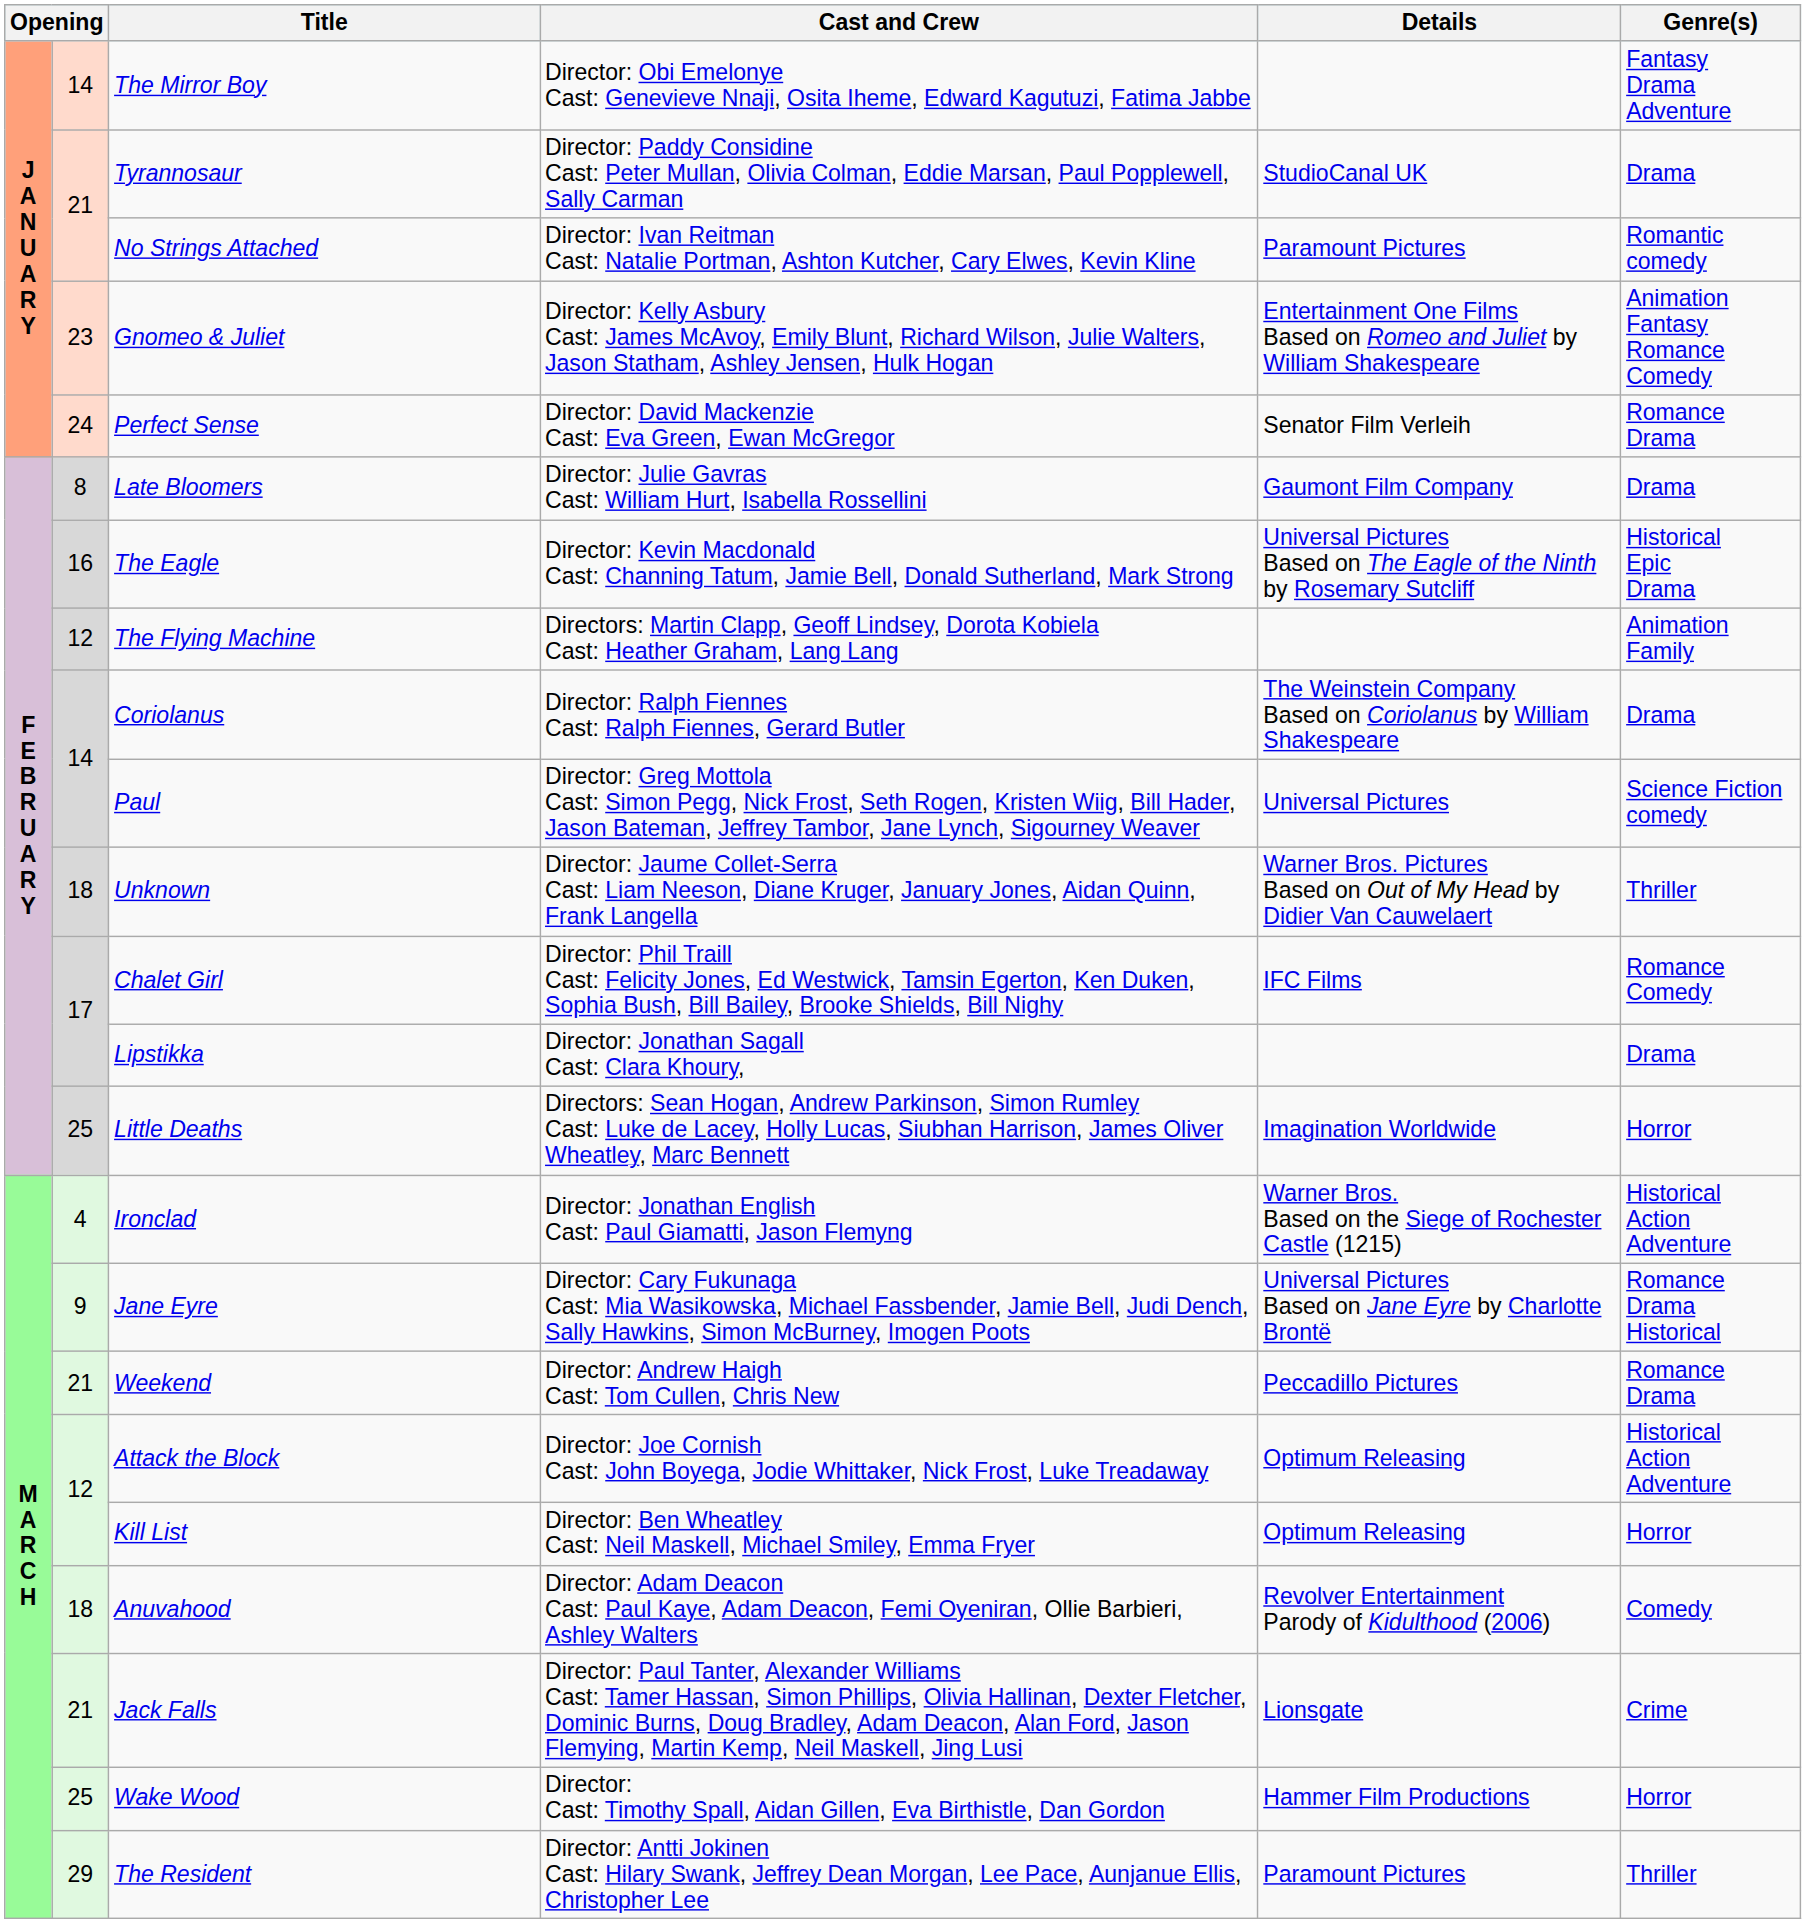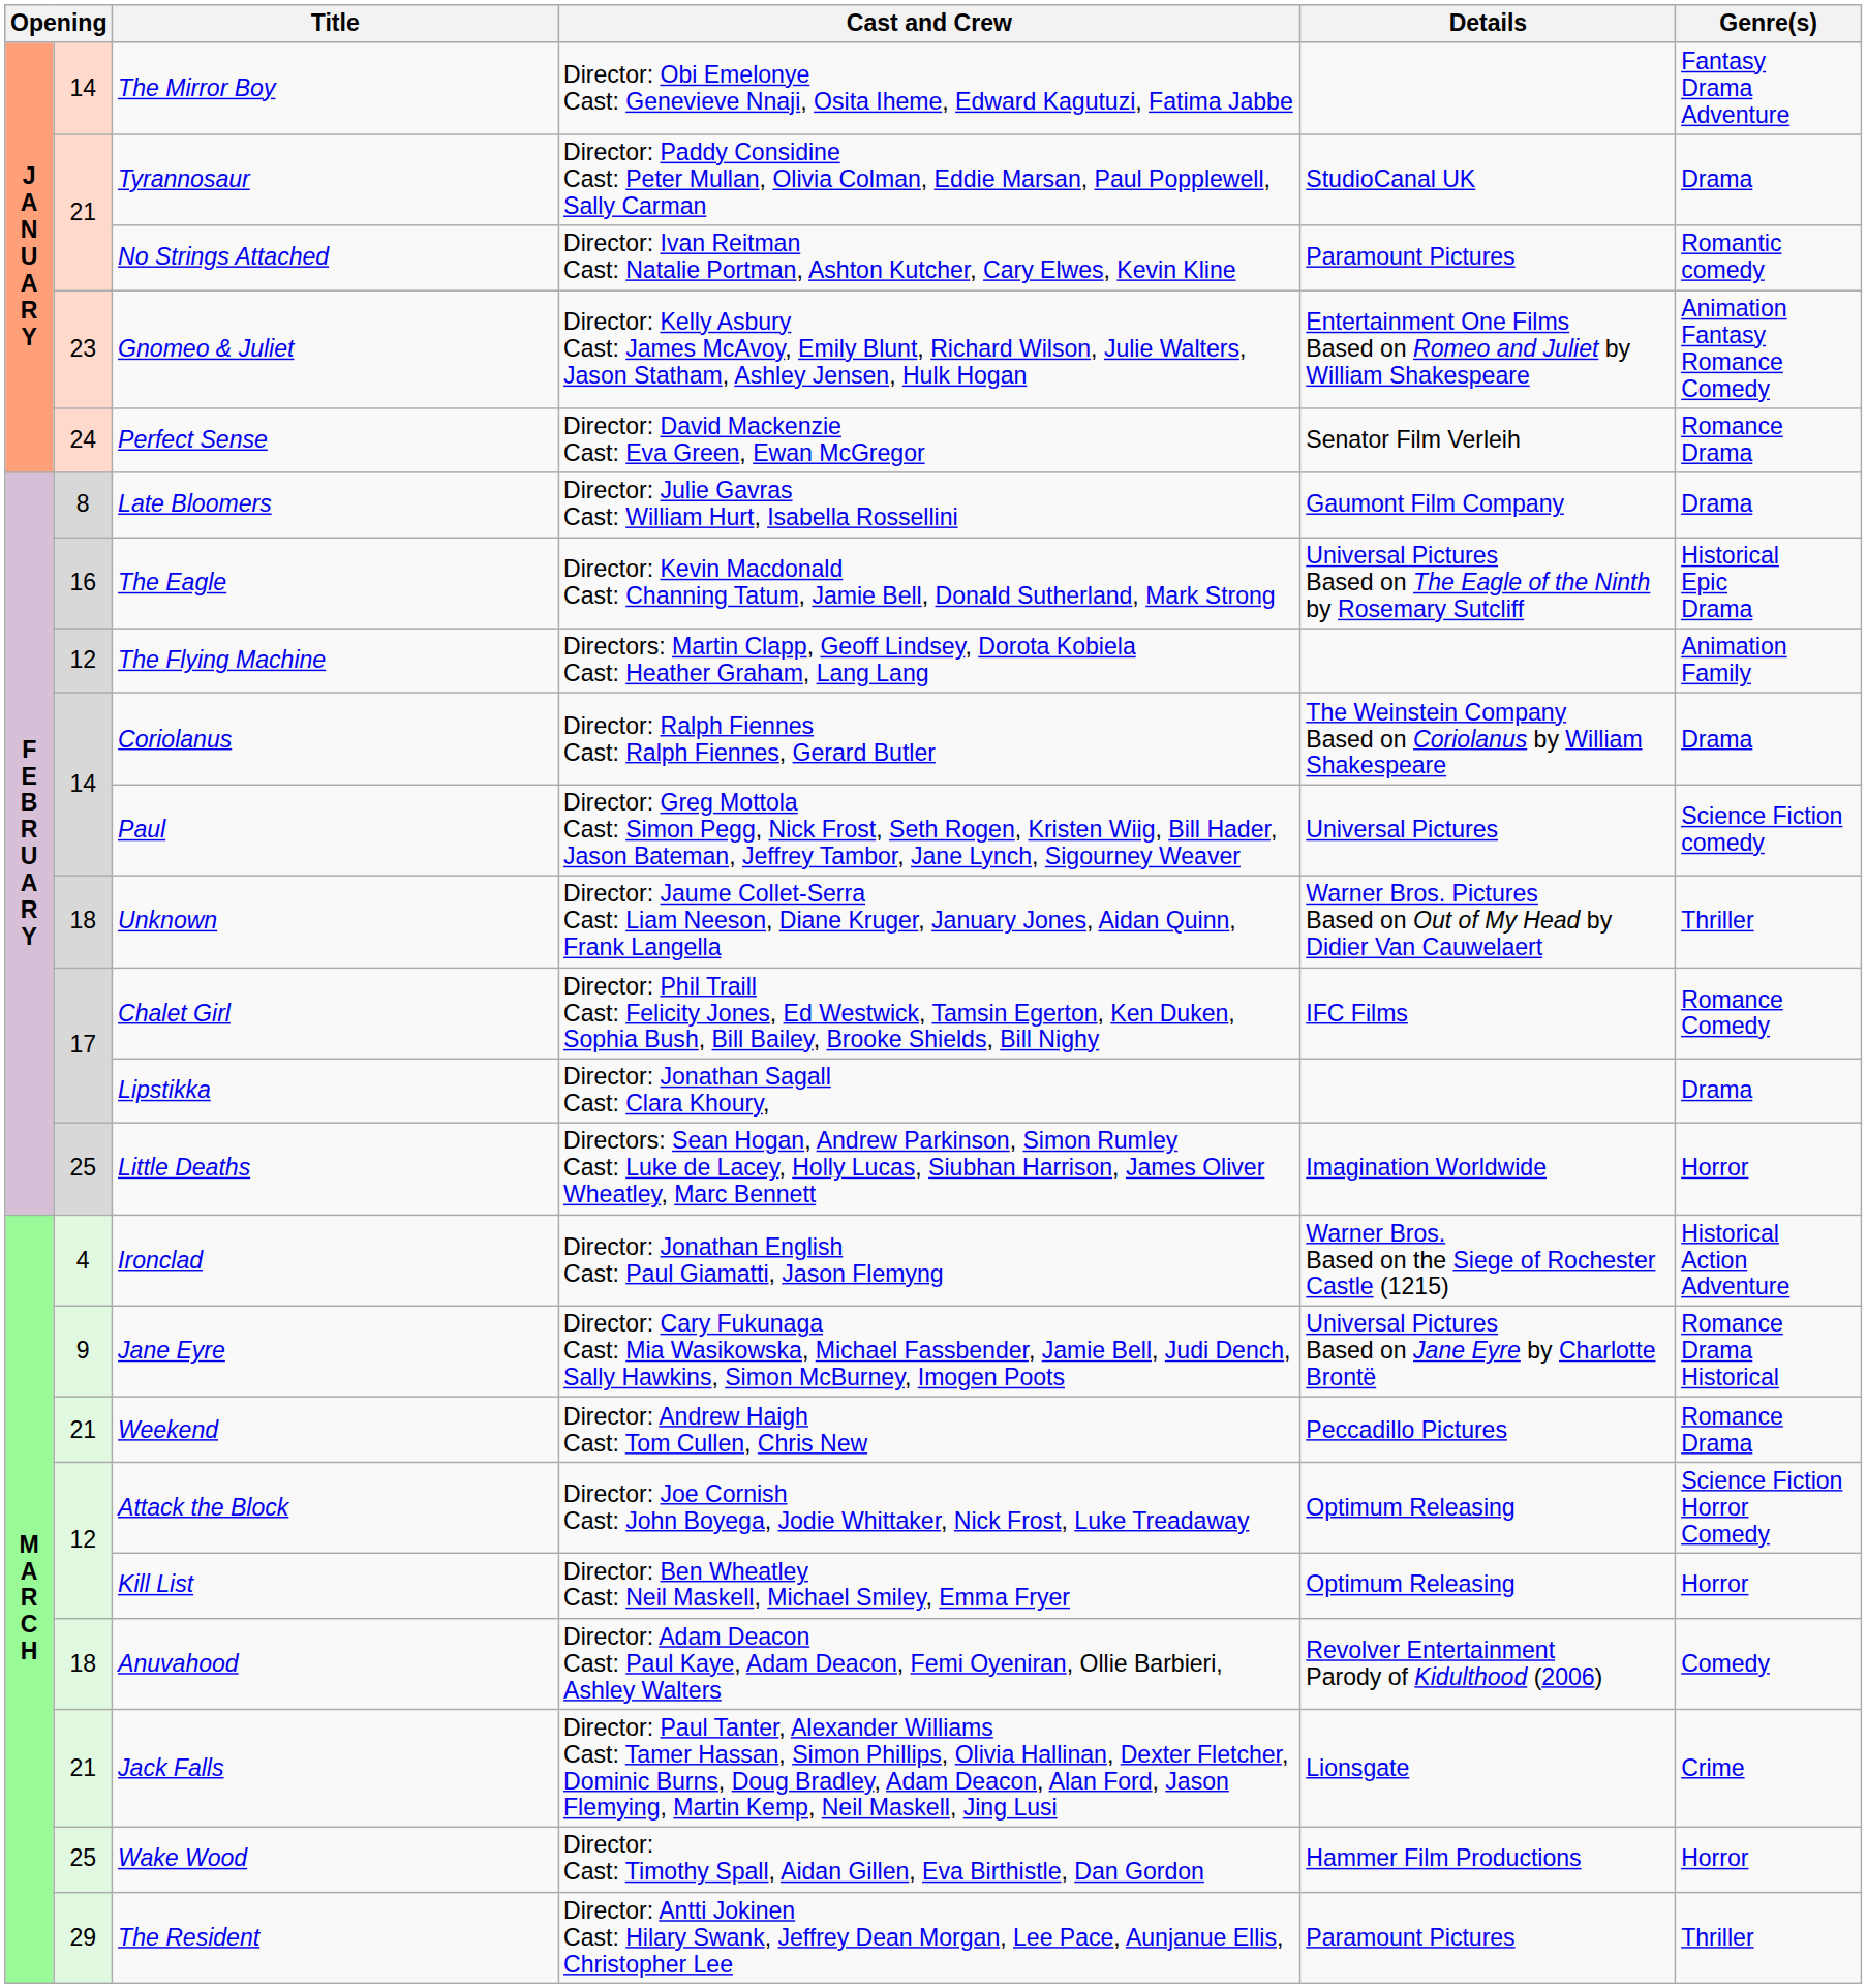 <table class="wikitable sortable plainrowheaders">
 <tr style="background:#b0e0e6; text-align:center;">
 <th colspan="2">Opening</th>
 <th style="width:24%;">Title</th>
 <th style="width:40%;">Cast and Crew</th>
 <th>Details</th>
 <th style="width:10%;">Genre(s)</th>
 </tr>
 <tr>
 <th rowspan="5" style="text-align:center; background:#ffa07a; textcolor:#000;">J <br>A <br>N <br>U <br>A <br>R <br>Y</th>
 <td rowspan="1" style="text-align:center; background:#ffdacc;">14</td>
 <td><em><a href='#'>The Mirror Boy</a></em></td>
 <td>Director: <a href='#'>Obi Emelonye</a>  <br> Cast: <a href='#'>Genevieve Nnaji</a>, <a href='#'>Osita Iheme</a>, <a href='#'>Edward Kagutuzi</a>, <a href='#'>Fatima Jabbe</a></td>
 <td></td>
 <td><a href='#'>Fantasy</a>  <br> <a href='#'>Drama</a>  <br> <a href='#'>Adventure</a></td>
 </tr>
 <tr>
 <td rowspan="2" style="text-align:center; background:#ffdacc;">21</td>
 <td><em><a href='#'>Tyrannosaur</a></em></td>
 <td>Director: <a href='#'>Paddy Considine</a>  <br> Cast: <a href='#'>Peter Mullan</a>, <a href='#'>Olivia Colman</a>, <a href='#'>Eddie Marsan</a>, <a href='#'>Paul Popplewell</a>, <a href='#'>Sally Carman</a></td>
 <td><a href='#'>StudioCanal UK</a></td>
 <td><a href='#'>Drama</a></td>
 </tr>
 <tr>
 <td><em><a href='#'>No Strings Attached</a></em></td>
 <td>Director: <a href='#'>Ivan Reitman</a>  <br> Cast: <a href='#'>Natalie Portman</a>, <a href='#'>Ashton Kutcher</a>, <a href='#'>Cary Elwes</a>, <a href='#'>Kevin Kline</a></td>
 <td><a href='#'>Paramount Pictures</a></td>
 <td><a href='#'>Romantic comedy</a></td>
 </tr>
 <tr>
 <td rowspan="1" style="text-align:center; background:#ffdacc;">23</td>
 <td><em><a href='#'>Gnomeo & Juliet</a></em></td>
 <td>Director: <a href='#'>Kelly Asbury</a>  <br> Cast: <a href='#'>James McAvoy</a>, <a href='#'>Emily Blunt</a>, <a href='#'>Richard Wilson</a>, <a href='#'>Julie Walters</a>, <a href='#'>Jason Statham</a>, <a href='#'>Ashley Jensen</a>, <a href='#'>Hulk Hogan</a></td>
 <td><a href='#'>Entertainment One Films</a>  <br> Based on <em><a href='#'>Romeo and Juliet</a></em> by <a href='#'>William Shakespeare</a></td>
 <td><a href='#'>Animation</a>  <br> <a href='#'>Fantasy</a>  <br> <a href='#'>Romance</a>  <br> <a href='#'>Comedy</a></td>
 </tr>
 <tr>
 <td rowspan="1" style="text-align:center; background:#ffdacc;">24</td>
 <td><em><a href='#'>Perfect Sense</a></em></td>
 <td>Director: <a href='#'>David Mackenzie</a>  <br> Cast: <a href='#'>Eva Green</a>, <a href='#'>Ewan McGregor</a></td>
 <td>Senator Film Verleih</td>
 <td><a href='#'>Romance</a>  <br> <a href='#'>Drama</a></td>
 </tr>
 <tr>
 <th rowspan="9" style="text-align:center; background:thistle; textcolor:#000;">F <br>E <br>B <br>R <br>U <br>A <br>R <br>Y</th>
 <td rowspan="1" style="text-align:center; background:#d8d8d8;">8</td>
 <td><em><a href='#'>Late Bloomers</a></em></td>
 <td>Director: <a href='#'>Julie Gavras</a>  <br> Cast: <a href='#'>William Hurt</a>, <a href='#'>Isabella Rossellini</a></td>
 <td><a href='#'>Gaumont Film Company</a></td>
 <td><a href='#'>Drama</a></td>
 </tr>
 <tr>
 <td rowspan="1" style="text-align:center; background:#d8d8d8;">16</td>
 <td><em><a href='#'>The Eagle</a></em></td>
 <td>Director: <a href='#'>Kevin Macdonald</a>  <br> Cast: <a href='#'>Channing Tatum</a>, <a href='#'>Jamie Bell</a>, <a href='#'>Donald Sutherland</a>, <a href='#'>Mark Strong</a></td>
 <td><a href='#'>Universal Pictures</a>  <br> Based on <em><a href='#'>The Eagle of the Ninth</a></em> by <a href='#'>Rosemary Sutcliff</a></td>
 <td><a href='#'>Historical</a>  <br> <a href='#'>Epic</a>  <br> <a href='#'>Drama</a></td>
 </tr>
 <tr>
 <td rowspan="1" style="text-align:center; background:#d8d8d8;">12</td>
 <td><em><a href='#'>The Flying Machine</a></em></td>
 <td>Directors: <a href='#'>Martin Clapp</a>, <a href='#'>Geoff Lindsey</a>, <a href='#'>Dorota Kobiela</a>  <br> Cast: <a href='#'>Heather Graham</a>, <a href='#'>Lang Lang</a></td>
 <td></td>
 <td><a href='#'>Animation</a>  <br> <a href='#'>Family</a></td>
 </tr>
 <tr>
 <td rowspan="2" style="text-align:center; background:#d8d8d8;">14</td>
 <td><em><a href='#'>Coriolanus</a></em></td>
 <td>Director: <a href='#'>Ralph Fiennes</a>  <br> Cast: <a href='#'>Ralph Fiennes</a>, <a href='#'>Gerard Butler</a></td>
 <td><a href='#'>The Weinstein Company</a>  <br> Based on <em><a href='#'>Coriolanus</a></em> by <a href='#'>William Shakespeare</a></td>
 <td><a href='#'>Drama</a></td>
 </tr>
 <tr>
 <td><em><a href='#'>Paul</a></em></td>
 <td>Director: <a href='#'>Greg Mottola</a>  <br> Cast: <a href='#'>Simon Pegg</a>, <a href='#'>Nick Frost</a>, <a href='#'>Seth Rogen</a>, <a href='#'>Kristen Wiig</a>, <a href='#'>Bill Hader</a>, <a href='#'>Jason Bateman</a>, <a href='#'>Jeffrey Tambor</a>, <a href='#'>Jane Lynch</a>, <a href='#'>Sigourney Weaver</a></td>
 <td><a href='#'>Universal Pictures</a></td>
 <td><a href='#'>Science Fiction</a>  <br> <a href='#'>comedy</a></td>
 </tr>
 <tr>
 <td rowspan="1" style="text-align:center; background:#d8d8d8;">18</td>
 <td><em><a href='#'>Unknown</a></em></td>
 <td>Director: <a href='#'>Jaume Collet-Serra</a>  <br> Cast: <a href='#'>Liam Neeson</a>, <a href='#'>Diane Kruger</a>, <a href='#'>January Jones</a>, <a href='#'>Aidan Quinn</a>, <a href='#'>Frank Langella</a></td>
 <td><a href='#'>Warner Bros. Pictures</a>  <br> Based on <em>Out of My Head</em> by <a href='#'>Didier Van Cauwelaert</a></td>
 <td><a href='#'>Thriller</a></td>
 </tr>
 <tr>
 <td rowspan="2" style="text-align:center; background:#d8d8d8;">17</td>
 <td><em><a href='#'>Chalet Girl</a></em></td>
 <td>Director: <a href='#'>Phil Traill</a>  <br> Cast: <a href='#'>Felicity Jones</a>, <a href='#'>Ed Westwick</a>, <a href='#'>Tamsin Egerton</a>, <a href='#'>Ken Duken</a>, <a href='#'>Sophia Bush</a>, <a href='#'>Bill Bailey</a>, <a href='#'>Brooke Shields</a>, <a href='#'>Bill Nighy</a></td>
 <td><a href='#'>IFC Films</a></td>
 <td><a href='#'>Romance</a>  <br> <a href='#'>Comedy</a></td>
 </tr>
 <tr>
 <td><em><a href='#'>Lipstikka</a></em></td>
 <td>Director: <a href='#'>Jonathan Sagall</a>  <br> Cast: <a href='#'>Clara Khoury</a>, </td>
 <td></td>
 <td><a href='#'>Drama</a></td>
 </tr>
 <tr>
 <td rowspan="1" style="text-align:center; background:#d8d8d8;">25</td>
 <td><em><a href='#'>Little Deaths</a></em></td>
 <td>Directors: <a href='#'>Sean Hogan</a>, <a href='#'>Andrew Parkinson</a>, <a href='#'>Simon Rumley</a>  <br> Cast: <a href='#'>Luke de Lacey</a>, <a href='#'>Holly Lucas</a>, <a href='#'>Siubhan Harrison</a>, <a href='#'>James Oliver Wheatley</a>, <a href='#'>Marc Bennett</a></td>
 <td><a href='#'>Imagination Worldwide</a></td>
 <td><a href='#'>Horror</a></td>
 </tr>
 <tr>
 <th rowspan="9" style="text-align:center; background:#98fb98; textcolor:#000;">M <br>A <br>R <br>C <br>H</th>
 <td rowspan="1" style="text-align:center; background:#e0f9e0;">4</td>
 <td><em><a href='#'>Ironclad</a></em></td>
 <td>Director: <a href='#'>Jonathan English</a>  <br> Cast: <a href='#'>Paul Giamatti</a>, <a href='#'>Jason Flemyng</a></td>
 <td><a href='#'>Warner Bros.</a>  <br> Based on the <a href='#'>Siege of Rochester Castle</a> (1215)</td>
 <td><a href='#'>Historical</a>  <br> <a href='#'>Action</a>  <br> <a href='#'>Adventure</a></td>
 </tr>
 <tr>
 <td rowspan="1" style="text-align:center; background:#e0f9e0;">9</td>
 <td><em><a href='#'>Jane Eyre</a></em></td>
 <td>Director: <a href='#'>Cary Fukunaga</a>  <br> Cast: <a href='#'>Mia Wasikowska</a>, <a href='#'>Michael Fassbender</a>, <a href='#'>Jamie Bell</a>, <a href='#'>Judi Dench</a>, <a href='#'>Sally Hawkins</a>, <a href='#'>Simon McBurney</a>, <a href='#'>Imogen Poots</a></td>
 <td><a href='#'>Universal Pictures</a>  <br> Based on <em><a href='#'>Jane Eyre</a></em> by <a href='#'>Charlotte Brontë</a></td>
 <td><a href='#'>Romance</a>  <br> <a href='#'>Drama</a>  <br> <a href='#'>Historical</a></td>
 </tr>
 <tr>
 <td rowspan="1" style="text-align:center; background:#e0f9e0;">21</td>
 <td><em><a href='#'>Weekend</a></em></td>
 <td>Director: <a href='#'>Andrew Haigh</a>  <br> Cast: <a href='#'>Tom Cullen</a>, <a href='#'>Chris New</a></td>
 <td><a href='#'>Peccadillo Pictures</a></td>
 <td><a href='#'>Romance</a>  <br> <a href='#'>Drama</a></td>
 </tr>
 <tr>
 <td rowspan="2" style="text-align:center; background:#e0f9e0;">12</td>
 <td><em><a href='#'>Attack the Block</a></em></td>
 <td>Director: <a href='#'>Joe Cornish</a>  <br> Cast: <a href='#'>John Boyega</a>, <a href='#'>Jodie Whittaker</a>, <a href='#'>Nick Frost</a>, <a href='#'>Luke Treadaway</a></td>
 <td><a href='#'>Optimum Releasing</a></td>
-<td><a href='#'>Historical</a>  <br> <a href='#'>Action</a>  <br> <a href='#'>Adventure</a></td>
+<td><a href='#'>Science Fiction</a>  <br> <a href='#'>Horror</a>  <br> <a href='#'>Comedy</a></td>
 </tr>
 <tr>
 <td><em><a href='#'>Kill List</a></em></td>
 <td>Director: <a href='#'>Ben Wheatley</a>  <br> Cast: <a href='#'>Neil Maskell</a>, <a href='#'>Michael Smiley</a>, <a href='#'>Emma Fryer</a></td>
 <td><a href='#'>Optimum Releasing</a></td>
 <td><a href='#'>Horror</a></td>
 </tr>
 <tr>
 <td style="text-align:center; background:#e0f9e0;">18</td>
 <td><em><a href='#'>Anuvahood</a></em></td>
 <td>Director: <a href='#'>Adam Deacon</a>  <br> Cast: <a href='#'>Paul Kaye</a>, <a href='#'>Adam Deacon</a>, <a href='#'>Femi Oyeniran</a>, Ollie Barbieri, <a href='#'>Ashley Walters</a></td>
 <td><a href='#'>Revolver Entertainment</a>  <br> Parody of <em><a href='#'>Kidulthood</a></em> (<a href='#'>2006</a>)</td>
 <td><a href='#'>Comedy</a></td>
 </tr>
 <tr>
 <td rowspan="1" style="text-align:center; background:#e0f9e0;">21</td>
 <td><em><a href='#'>Jack Falls</a></em></td>
 <td>Director: <a href='#'>Paul Tanter</a>, <a href='#'>Alexander Williams</a>  <br> Cast: <a href='#'>Tamer Hassan</a>, <a href='#'>Simon Phillips</a>, <a href='#'>Olivia Hallinan</a>, <a href='#'>Dexter Fletcher</a>, <a href='#'>Dominic Burns</a>, <a href='#'>Doug Bradley</a>, <a href='#'>Adam Deacon</a>, <a href='#'>Alan Ford</a>, <a href='#'>Jason Flemying</a>, <a href='#'>Martin Kemp</a>, <a href='#'>Neil Maskell</a>, <a href='#'>Jing Lusi</a></td>
 <td><a href='#'>Lionsgate</a></td>
 <td><a href='#'>Crime</a></td>
 </tr>
 <tr>
 <td rowspan="1" style="text-align:center; background:#e0f9e0;">25</td>
 <td><em><a href='#'>Wake Wood</a></em></td>
 <td>Director:   <br> Cast: <a href='#'>Timothy Spall</a>, <a href='#'>Aidan Gillen</a>, <a href='#'>Eva Birthistle</a>, <a href='#'>Dan Gordon</a></td>
 <td><a href='#'>Hammer Film Productions</a></td>
 <td><a href='#'>Horror</a></td>
 </tr>
 <tr>
 <td rowspan="1" style="text-align:center; background:#e0f9e0;">29</td>
 <td><em><a href='#'>The Resident</a></em></td>
 <td>Director: <a href='#'>Antti Jokinen</a>  <br> Cast: <a href='#'>Hilary Swank</a>, <a href='#'>Jeffrey Dean Morgan</a>, <a href='#'>Lee Pace</a>, <a href='#'>Aunjanue Ellis</a>, <a href='#'>Christopher Lee</a></td>
 <td><a href='#'>Paramount Pictures</a></td>
 <td><a href='#'>Thriller</a></td>
 </tr>
 <tr>
 </tr>
 </table>
